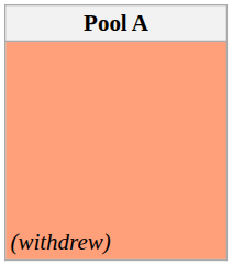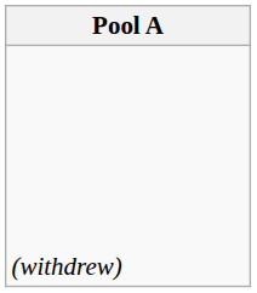 <table class="wikitable">
 <tr>
 <th width=50%>Pool A</th>
 </tr>
 <tr>
-<td style="background: lightsalmon;"><br> <br>  <br>  <br>  <br>  <br>  <br> <em><s></s> (withdrew)</em></td>
+<td><br> <br>  <br>  <br>  <br>  <br>  <br> <em><s></s> (withdrew)</em></td>
 </tr>
 </table>
